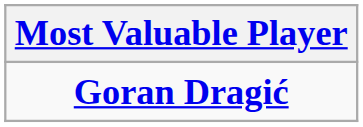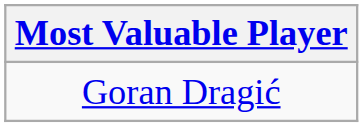 <table class=wikitable style="text-align:center; margin:auto">
 <tr>
 <th><a href='#'>Most Valuable Player</a></th>
 </tr>
 <tr>
-<td><strong> <a href='#'>Goran Dragić</a></strong></td>
+<td> <a href='#'>Goran Dragić</a></td>
 </tr>
 </table>
